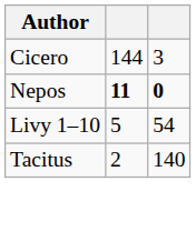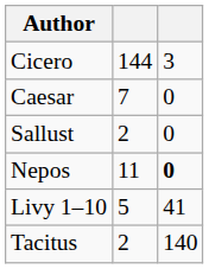 <table class="wikitable" style='text-align: center"'>
 <tr>
 <th>Author</th>
 <th></th>
 <th></th>
 </tr>
 <tr>
 <td>Cicero</td>
 <td>144</td>
 <td>3</td>
 </tr>
 <tr>
+<td>Caesar</td>
+<td>7</td>
+<td>0</td>
+</tr>
+<tr>
+<td>Sallust</td>
+<td>2</td>
+<td>0</td>
+</tr>
+<tr>
 <td>Nepos</td>
-<td><strong>11</strong></td>
+<td>11</td>
 <td><strong>0</strong></td>
 </tr>
 <tr>
 <td>Livy 1–10</td>
 <td>5</td>
-<td>54</td>
+<td>41</td>
 </tr>
 <tr>
 <td>Tacitus</td>
 <td>2</td>
 <td>140</td>
 </tr>
 </table>
